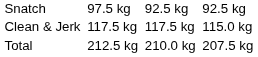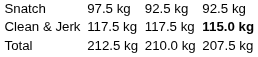 <table>
 <tr>
 <td>Snatch</td>
 <td></td>
 <td>97.5 kg</td>
 <td></td>
 <td>92.5 kg</td>
 <td></td>
 <td>92.5 kg</td>
 </tr>
 <tr>
 <td>Clean & Jerk</td>
 <td></td>
 <td>117.5 kg</td>
 <td></td>
 <td>117.5 kg</td>
 <td></td>
-<td>115.0 kg</td>
+<td><strong>115.0 kg</strong></td>
 </tr>
 <tr>
 <td>Total</td>
 <td></td>
 <td>212.5 kg</td>
 <td></td>
 <td>210.0 kg</td>
 <td></td>
 <td>207.5 kg</td>
 </tr>
 </table>
